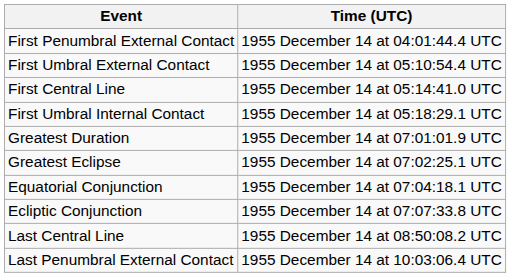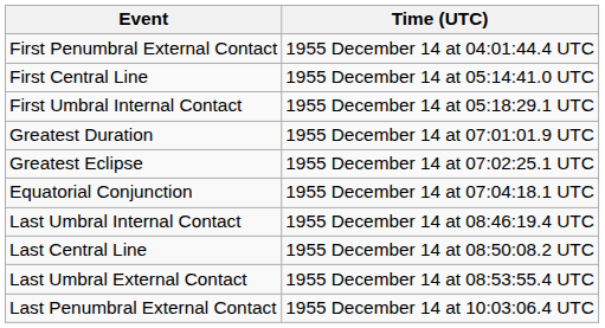 <table class="wikitable">
 <tr>
 <th>Event</th>
 <th>Time (UTC)</th>
 </tr>
 <tr>
 <td>First Penumbral External Contact</td>
 <td>1955 December 14 at 04:01:44.4 UTC</td>
-</tr>
-<tr>
-<td>First Umbral External Contact</td>
-<td>1955 December 14 at 05:10:54.4 UTC</td>
 </tr>
 <tr>
 <td>First Central Line</td>
 <td>1955 December 14 at 05:14:41.0 UTC</td>
 </tr>
 <tr>
 <td>First Umbral Internal Contact</td>
 <td>1955 December 14 at 05:18:29.1 UTC</td>
 </tr>
 <tr>
 <td>Greatest Duration</td>
 <td>1955 December 14 at 07:01:01.9 UTC</td>
 </tr>
 <tr>
 <td>Greatest Eclipse</td>
 <td>1955 December 14 at 07:02:25.1 UTC</td>
 </tr>
 <tr>
 <td>Equatorial Conjunction</td>
 <td>1955 December 14 at 07:04:18.1 UTC</td>
 </tr>
 <tr>
-<td>Ecliptic Conjunction</td>
-<td>1955 December 14 at 07:07:33.8 UTC</td>
+<td>Last Umbral Internal Contact</td>
+<td>1955 December 14 at 08:46:19.4 UTC</td>
 </tr>
 <tr>
 <td>Last Central Line</td>
 <td>1955 December 14 at 08:50:08.2 UTC</td>
 </tr>
 <tr>
+<td>Last Umbral External Contact</td>
+<td>1955 December 14 at 08:53:55.4 UTC</td>
+</tr>
+<tr>
 <td>Last Penumbral External Contact</td>
 <td>1955 December 14 at 10:03:06.4 UTC</td>
 </tr>
 </table>
